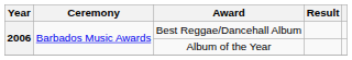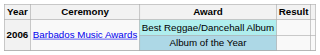 <table class="wikitable plainrowheaders" style="text-align:center;">
 <tr>
 <th scope="col">Year</th>
 <th scope="col">Ceremony</th>
 <th scope="col">Award</th>
 <th scope="col">Result</th>
 <th scope="col"></th>
 </tr>
 <tr>
 <th scope rowspan="2">2006</th>
 <td scope rowspan="2"><a href='#'>Barbados Music Awards</a></td>
-<td>Best Reggae/Dancehall Album</td>
+<td style="background: paleturquoise;">Best Reggae/Dancehall Album</td>
 <td></td>
 <td></td>
 </tr>
 <tr>
-<td>Album of the Year</td>
+<td style="background: lightblue;">Album of the Year</td>
 <td></td>
 <td></td>
 </tr>
 <tr>
 </tr>
 </table>
